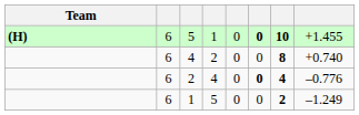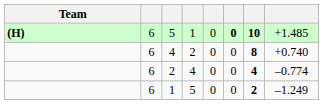 <table class="wikitable" style="text-align:center">
 <tr>
 <th style="width:175px;">Team</th>
 <th style="width:20px;"></th>
 <th style="width:20px;"></th>
 <th style="width:20px;"></th>
 <th style="width:20px;"></th>
 <th style="width:20px;"></th>
 <th style="width:20px;"></th>
 <th style="width:65px;"></th>
 </tr>
 <tr style="background:#cfc;">
 <td style="text-align:left"> <strong>(H)</strong></td>
 <td>6</td>
 <td>5</td>
 <td>1</td>
 <td>0</td>
 <td><strong>0</strong></td>
 <td><strong>10</strong></td>
-<td>+1.455</td>
+<td>+1.485</td>
 </tr>
 <tr>
 <td style="text-align:left"></td>
 <td>6</td>
 <td>4</td>
 <td>2</td>
 <td>0</td>
 <td>0</td>
 <td><strong>8</strong></td>
 <td>+0.740</td>
 </tr>
 <tr>
 <td style="text-align:left"></td>
 <td>6</td>
 <td>2</td>
 <td>4</td>
 <td>0</td>
-<td><strong>0</strong></td>
+<td>0</td>
 <td><strong>4</strong></td>
-<td>–0.776</td>
+<td>–0.774</td>
 </tr>
 <tr>
 <td style="text-align:left"></td>
 <td>6</td>
 <td>1</td>
 <td>5</td>
 <td>0</td>
 <td>0</td>
 <td><strong>2</strong></td>
 <td>–1.249</td>
 </tr>
 </table>
